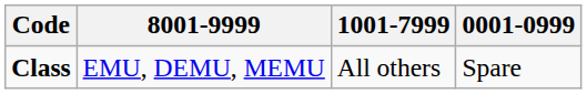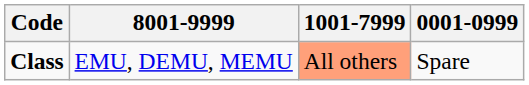 <table class="wikitable"style="text-align:left;"style="font-size: 85%">
 <tr>
 <th>Code</th>
 <th>8001-9999</th>
 <th>1001-7999</th>
 <th>0001-0999</th>
 </tr>
 <tr>
 <td><strong>Class</strong></td>
 <td><a href='#'>EMU</a>, <a href='#'>DEMU</a>, <a href='#'>MEMU</a></td>
-<td>All others</td>
+<td style="background: lightsalmon;">All others</td>
 <td>Spare</td>
 </tr>
 </table>
